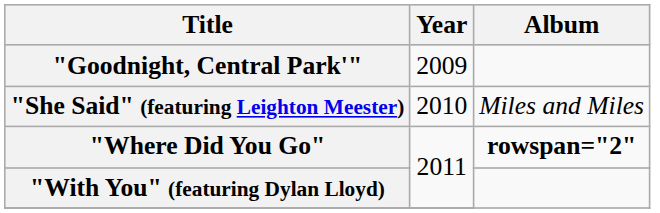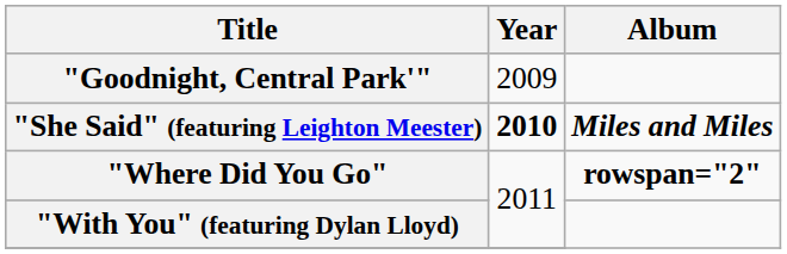 <table class="wikitable plainrowheaders" style="text-align:center;">
 <tr>
 <th scope="col">Title</th>
 <th scope="col">Year</th>
 <th scope="col">Album</th>
 </tr>
 <tr>
 <th scope="row">"Goodnight, Central Park'"</th>
 <td>2009</td>
 <td></td>
 </tr>
 <tr>
 <th scope="row">"She Said" <small>(featuring <a href='#'>Leighton Meester</a>)</small></th>
-<td>2010</td>
-<td><em>Miles and Miles</em></td>
+<td><strong>2010</strong></td>
+<td><strong><em>Miles and Miles</em></strong></td>
 </tr>
 <tr>
 <th scope="row">"Where Did You Go"</th>
 <td rowspan="2">2011</td>
 <td><strong>rowspan="2" </strong></td>
 </tr>
 <tr>
 <th scope="row">"With You" <small>(featuring Dylan Lloyd)</small></th>
 </tr>
 <tr>
 </tr>
 </table>
